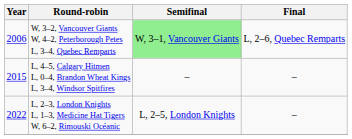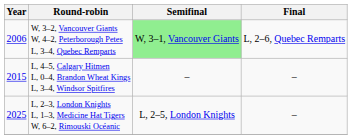 <table class="wikitable" style="text-align:center">
 <tr>
 <th>Year</th>
 <th>Round-robin</th>
 <th>Semifinal</th>
 <th>Final</th>
 </tr>
 <tr>
 <td><a href='#'>2006</a></td>
 <td align=left><small>W, 3–2, <a href='#'>Vancouver Giants</a><br>W, 4–2, <a href='#'>Peterborough Petes</a><br>L, 3–4, <a href='#'>Quebec Remparts</a></small></td>
 <td style="background: lightgreen;">W, 3–1, <a href='#'>Vancouver Giants</a></td>
 <td>L, 2–6, <a href='#'>Quebec Remparts</a></td>
 </tr>
 <tr>
 <td><a href='#'>2015</a></td>
 <td align=left><small>L, 4–5, <a href='#'>Calgary Hitmen</a><br>L, 0–4, <a href='#'>Brandon Wheat Kings</a><br>L, 3–4, <a href='#'>Windsor Spitfires</a></small></td>
 <td>–</td>
 <td>–</td>
 </tr>
 <tr>
-<td><a href='#'>2022</a></td>
+<td><a href='#'>2025</a></td>
 <td align=left><small>L, 2–3, <a href='#'>London Knights</a><br>L, 1–3, <a href='#'>Medicine Hat Tigers</a><br>W, 6–2, <a href='#'>Rimouski Océanic</a></small></td>
 <td>L, 2–5, <a href='#'>London Knights</a></td>
 <td>–</td>
 </tr>
 <tr>
 </tr>
 </table>
